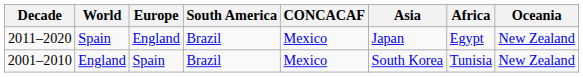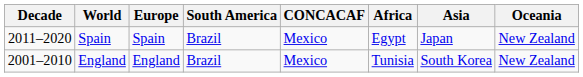 <table class="wikitable">
 <tr>
 <th>Decade</th>
 <th>World</th>
 <th>Europe</th>
 <th>South America</th>
 <th>CONCACAF</th>
+<th>Africa</th>
 <th>Asia</th>
-<th>Africa</th>
 <th>Oceania</th>
 </tr>
 <tr>
 <td align="center">2011–2020</td>
 <td> <a href='#'>Spain</a></td>
-<td> <a href='#'>England</a></td>
+<td> <a href='#'>Spain</a></td>
 <td> <a href='#'>Brazil</a></td>
 <td> <a href='#'>Mexico</a></td>
+<td> <a href='#'>Egypt</a></td>
 <td> <a href='#'>Japan</a></td>
-<td> <a href='#'>Egypt</a></td>
 <td> <a href='#'>New Zealand</a></td>
 </tr>
 <tr>
 <td align="center">2001–2010</td>
 <td> <a href='#'>England</a></td>
-<td> <a href='#'>Spain</a></td>
+<td> <a href='#'>England</a></td>
 <td> <a href='#'>Brazil</a></td>
 <td> <a href='#'>Mexico</a></td>
+<td> <a href='#'>Tunisia</a></td>
 <td> <a href='#'>South Korea</a></td>
-<td> <a href='#'>Tunisia</a></td>
 <td> <a href='#'>New Zealand</a></td>
 </tr>
 </table>
